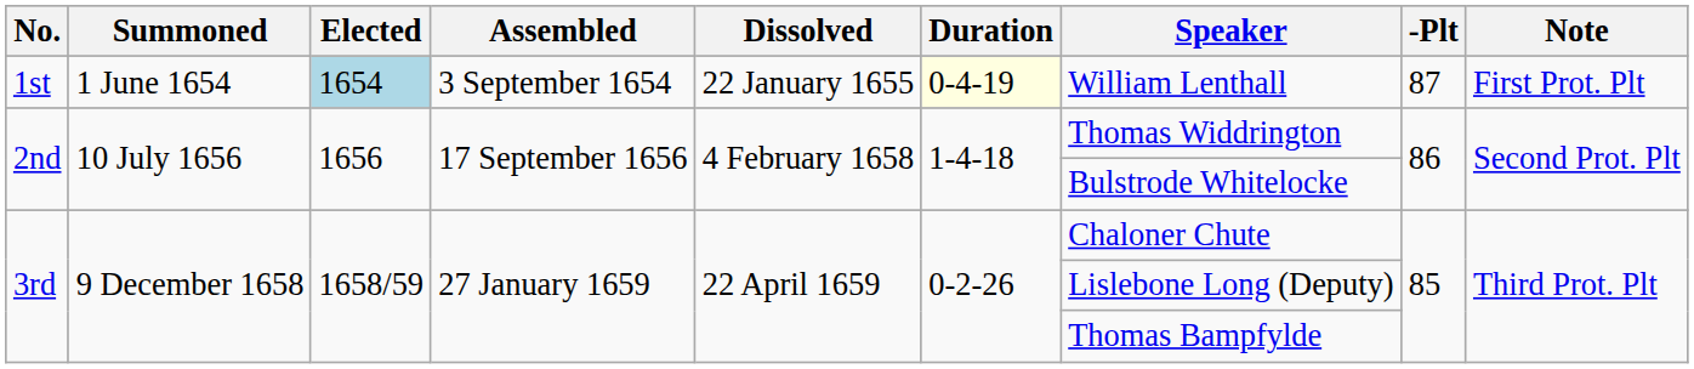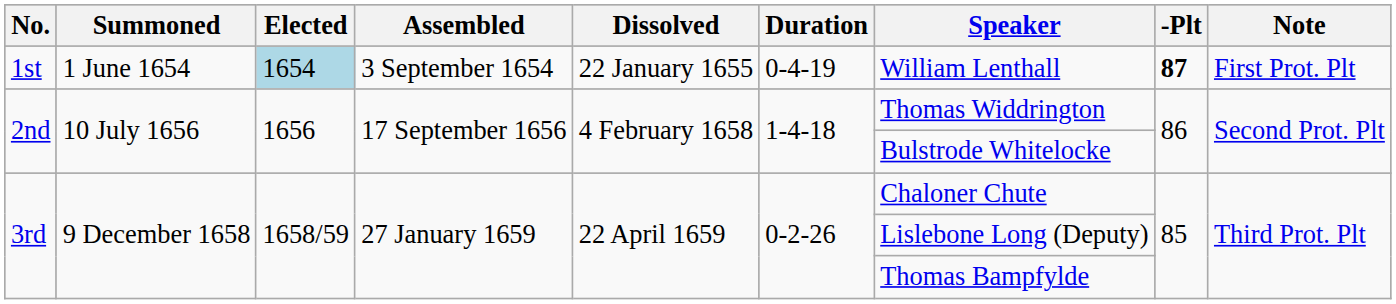 <table class="wikitable">
 <tr>
 <th>No.</th>
 <th>Summoned</th>
 <th>Elected</th>
 <th>Assembled</th>
 <th>Dissolved</th>
 <th>Duration</th>
 <th><a href='#'>Speaker</a></th>
 <th>-Plt</th>
 <th>Note</th>
 </tr>
 <tr>
 <td><a href='#'>1st</a></td>
 <td>1 June 1654</td>
 <td style="background: lightblue;">1654</td>
 <td>3 September 1654</td>
 <td>22 January 1655</td>
-<td style="background: lightyellow;">0-4-19</td>
+<td>0-4-19</td>
 <td><a href='#'>William Lenthall</a></td>
-<td>87</td>
+<td><strong>87</strong></td>
 <td><a href='#'>First Prot. Plt</a></td>
 </tr>
 <tr>
 <td rowspan="2"><a href='#'>2nd</a></td>
 <td rowspan="2">10 July 1656</td>
 <td rowspan="2">1656</td>
 <td rowspan="2">17 September 1656</td>
 <td rowspan="2">4 February 1658</td>
 <td rowspan="2">1-4-18</td>
 <td><a href='#'>Thomas Widdrington</a></td>
 <td rowspan="2">86</td>
 <td rowspan="2"><a href='#'>Second Prot. Plt</a></td>
 </tr>
 <tr>
 <td><a href='#'>Bulstrode Whitelocke</a></td>
 </tr>
 <tr>
 <td rowspan="3"><a href='#'>3rd</a></td>
 <td rowspan="3">9 December 1658</td>
 <td rowspan="3">1658/59</td>
 <td rowspan="3">27 January 1659</td>
 <td rowspan="3">22 April 1659</td>
 <td rowspan="3">0-2-26</td>
 <td><a href='#'>Chaloner Chute</a></td>
 <td rowspan="3">85</td>
 <td rowspan="3"><a href='#'>Third Prot. Plt</a></td>
 </tr>
 <tr>
 <td><a href='#'>Lislebone Long</a> (Deputy)</td>
 </tr>
 <tr>
 <td><a href='#'>Thomas Bampfylde</a></td>
 </tr>
 </table>
